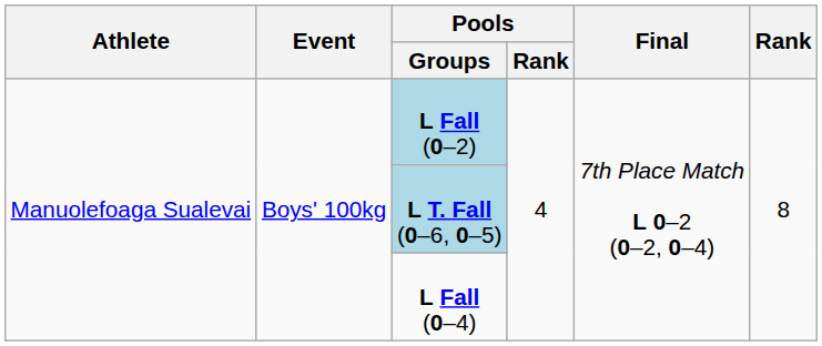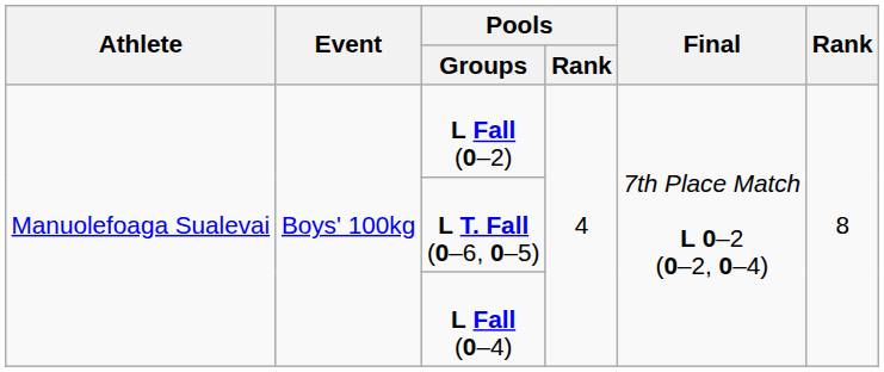 <table class="wikitable" style="text-align:left; font-size:90%">
 <tr>
 <th rowspan="2">Athlete</th>
 <th rowspan="2">Event</th>
 <th colspan="2">Pools</th>
 <th rowspan="2">Final</th>
 <th rowspan="2">Rank</th>
 </tr>
 <tr>
 <th>Groups</th>
 <th>Rank</th>
 </tr>
 <tr>
 <td rowspan="3"><a href='#'>Manuolefoaga Sualevai</a></td>
 <td rowspan="3"><a href='#'>Boys' 100kg</a></td>
-<td align=center style="background: lightblue;"><br><strong>L</strong> <strong><a href='#'>Fall</a></strong><br>(<strong>0</strong>–2)</td>
+<td align=center><br><strong>L</strong> <strong><a href='#'>Fall</a></strong><br>(<strong>0</strong>–2)</td>
 <td rowspan="3" align=center>4</td>
 <td align=center rowspan=3><em>7th Place Match</em><br><br><strong>L</strong> <strong>0</strong>–2<br>(<strong>0</strong>–2, <strong>0</strong>–4)</td>
 <td rowspan="3" align="center">8</td>
 </tr>
 <tr>
-<td align=center style="background: lightblue;"><br><strong>L</strong> <strong><a href='#'>T. Fall</a></strong><br>(<strong>0</strong>–6, <strong>0</strong>–5)</td>
+<td align=center><br><strong>L</strong> <strong><a href='#'>T. Fall</a></strong><br>(<strong>0</strong>–6, <strong>0</strong>–5)</td>
 </tr>
 <tr>
 <td align=center><br><strong>L</strong> <strong><a href='#'>Fall</a></strong><br>(<strong>0</strong>–4)</td>
 </tr>
 </table>
